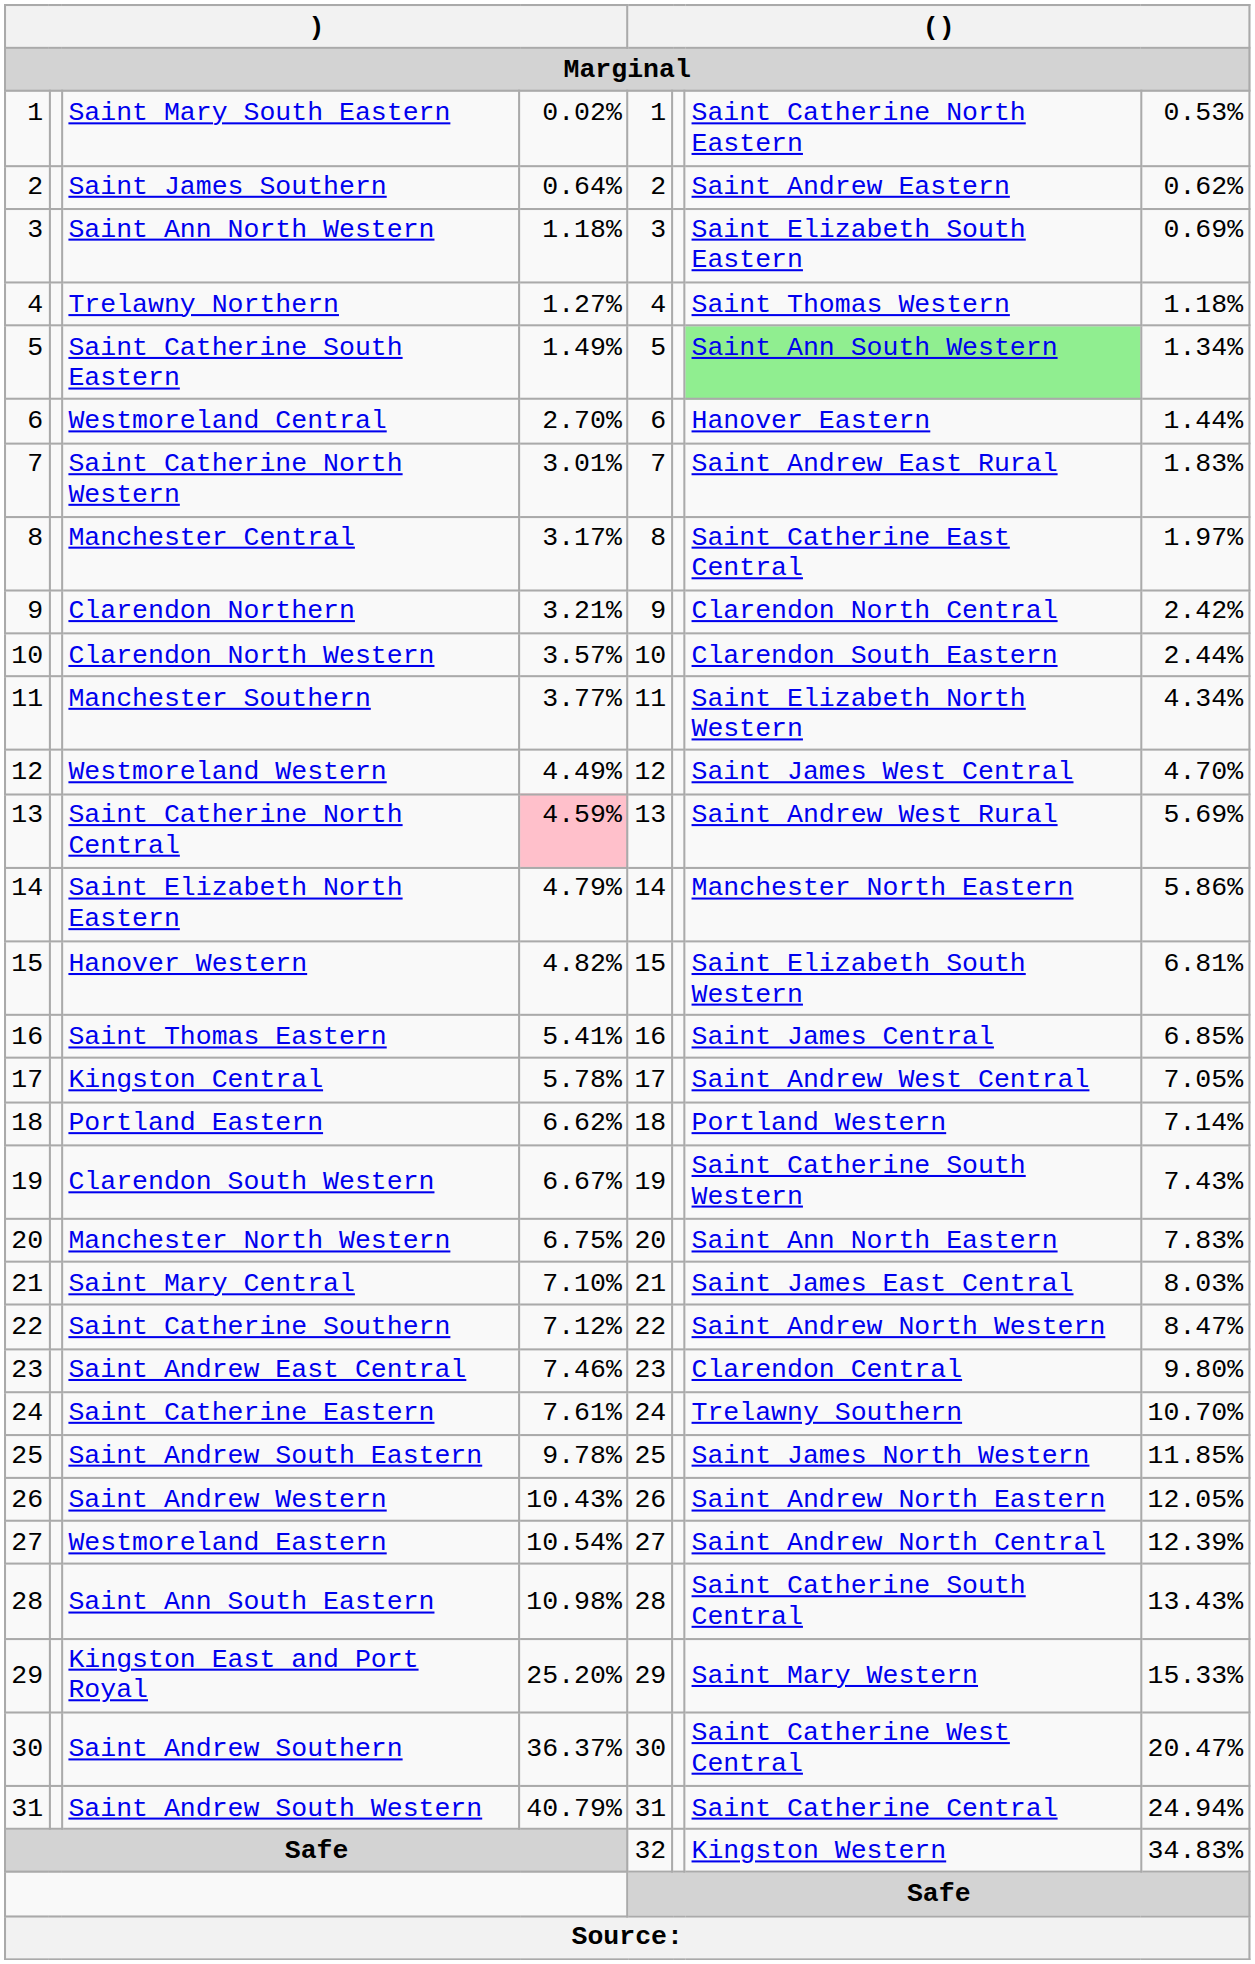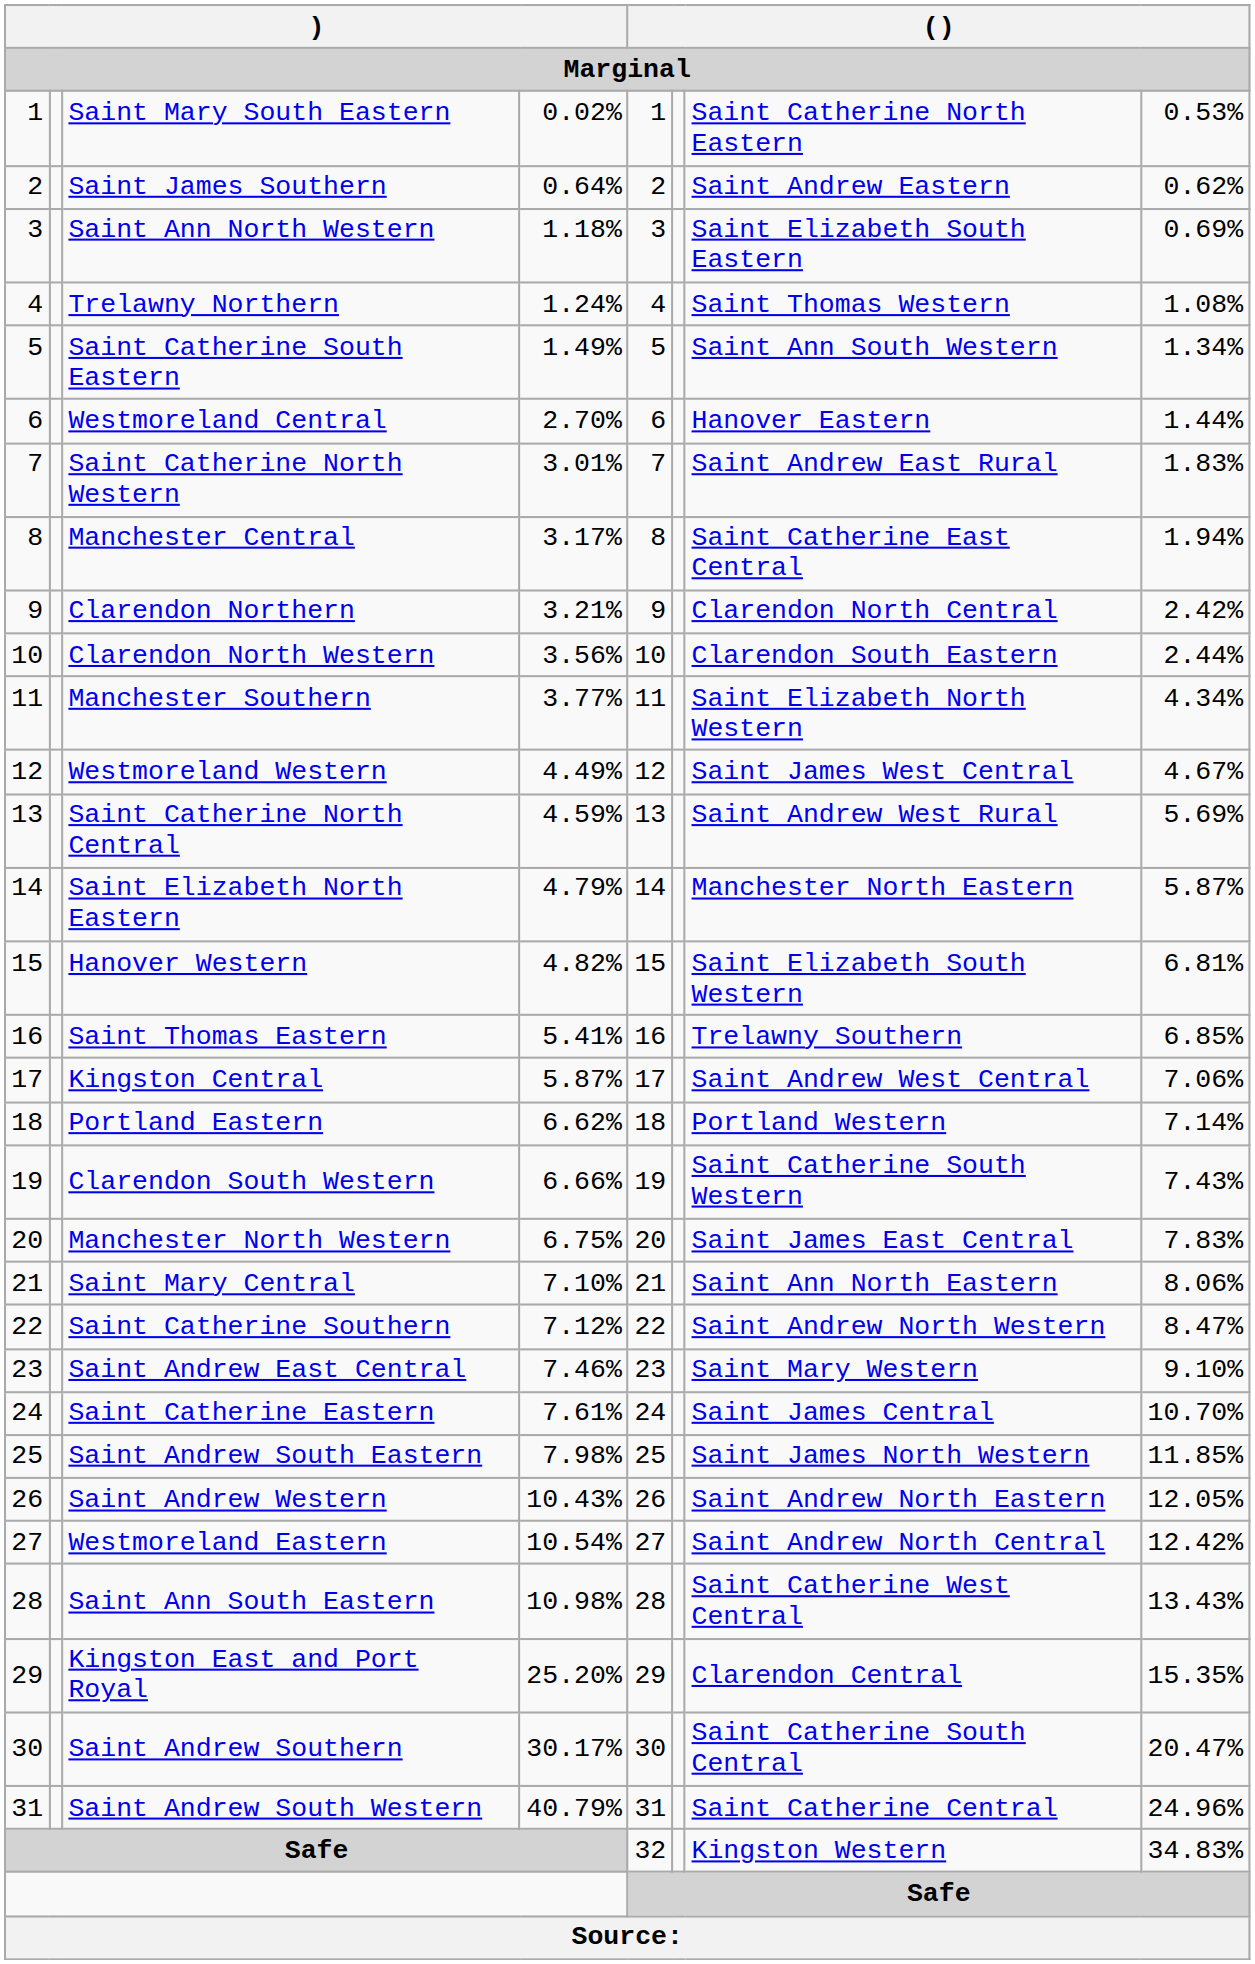 <table class="wikitable sortable mw-collapsible" style="text-align:right;">
 <tr>
 <th colspan="4" style="background:"><a href='#'> </a>)</th>
 <th colspan="4" style="background:"><a href='#'></a> (<a href='#'></a>)</th>
 </tr>
 <tr valign="top">
 <th colspan="8" style="background:lightgrey">Marginal</th>
 </tr>
 <tr valign="top">
 <td>1</td>
 <td style="background:"></td>
 <td style="text-align:left;"><a href='#'>Saint Mary South Eastern</a></td>
 <td>0.02%</td>
 <td>1</td>
 <td style="background:"></td>
 <td style="text-align:left;"><a href='#'>Saint Catherine North Eastern</a></td>
 <td>0.53%</td>
 </tr>
 <tr valign="top">
 <td>2</td>
 <td style="background:"></td>
 <td style="text-align:left;"><a href='#'>Saint James Southern</a></td>
 <td>0.64%</td>
 <td>2</td>
 <td style="background:"></td>
 <td style="text-align:left;"><a href='#'>Saint Andrew Eastern</a></td>
 <td>0.62%</td>
 </tr>
 <tr valign="top">
 <td>3</td>
 <td style="background:"></td>
 <td style="text-align:left;"><a href='#'>Saint Ann North Western</a></td>
 <td>1.18%</td>
 <td>3</td>
 <td style="background:"></td>
 <td style="text-align:left;"><a href='#'>Saint Elizabeth South Eastern</a></td>
 <td>0.69%</td>
 </tr>
 <tr valign="top">
 <td>4</td>
 <td style="background:"></td>
 <td style="text-align:left;"><a href='#'>Trelawny Northern</a></td>
-<td>1.27%</td>
+<td>1.24%</td>
 <td>4</td>
 <td style="background:"></td>
 <td style="text-align:left;"><a href='#'>Saint Thomas Western</a></td>
-<td>1.18%</td>
+<td>1.08%</td>
 </tr>
 <tr valign="top">
 <td>5</td>
 <td style="background:"></td>
 <td style="text-align:left;"><a href='#'>Saint Catherine South Eastern</a></td>
 <td>1.49%</td>
 <td>5</td>
 <td style="background:"></td>
-<td style="background: lightgreen; text-align:left;"><a href='#'>Saint Ann South Western</a></td>
+<td style="text-align:left;"><a href='#'>Saint Ann South Western</a></td>
 <td>1.34%</td>
 </tr>
 <tr valign="top">
 <td>6</td>
 <td style="background:"></td>
 <td style="text-align:left;"><a href='#'>Westmoreland Central</a></td>
 <td>2.70%</td>
 <td>6</td>
 <td style="background:"></td>
 <td style="text-align:left;"><a href='#'>Hanover Eastern</a></td>
 <td>1.44%</td>
 </tr>
 <tr valign="top">
 <td>7</td>
 <td style="background:"></td>
 <td style="text-align:left;"><a href='#'>Saint Catherine North Western</a></td>
 <td>3.01%</td>
 <td>7</td>
 <td style="background:"></td>
 <td style="text-align:left;"><a href='#'>Saint Andrew East Rural</a></td>
 <td>1.83%</td>
 </tr>
 <tr valign="top">
 <td>8</td>
 <td style="background:"></td>
 <td style="text-align:left;"><a href='#'>Manchester Central</a></td>
 <td>3.17%</td>
 <td>8</td>
 <td style="background:"></td>
 <td style="text-align:left;"><a href='#'>Saint Catherine East Central</a></td>
-<td>1.97%</td>
+<td>1.94%</td>
 </tr>
 <tr valign="top">
 <td>9</td>
 <td style="background:"></td>
 <td style="text-align:left;"><a href='#'>Clarendon Northern</a></td>
 <td>3.21%</td>
 <td>9</td>
 <td style="background:"></td>
 <td style="text-align:left;"><a href='#'>Clarendon North Central</a></td>
 <td>2.42%</td>
 </tr>
 <tr valign="top">
 <td>10</td>
 <td style="background:"></td>
 <td style="text-align:left;"><a href='#'>Clarendon North Western</a></td>
-<td>3.57%</td>
+<td>3.56%</td>
 <td>10</td>
 <td style="background:"></td>
 <td style="text-align:left;"><a href='#'>Clarendon South Eastern</a></td>
 <td>2.44%</td>
 </tr>
 <tr valign="top">
 <td>11</td>
 <td style="background:"></td>
 <td style="text-align:left;"><a href='#'>Manchester Southern</a></td>
 <td>3.77%</td>
 <td>11</td>
 <td style="background:"></td>
 <td style="text-align:left;"><a href='#'>Saint Elizabeth North Western</a></td>
 <td>4.34%</td>
 </tr>
 <tr valign="top">
 <td>12</td>
 <td style="background:"></td>
 <td style="text-align:left;"><a href='#'>Westmoreland Western</a></td>
 <td>4.49%</td>
 <td>12</td>
 <td style="background:"></td>
 <td style="text-align:left;"><a href='#'>Saint James West Central</a></td>
-<td>4.70%</td>
+<td>4.67%</td>
 </tr>
 <tr valign="top">
 <td>13</td>
 <td style="background:"></td>
 <td style="text-align:left;"><a href='#'>Saint Catherine North Central</a></td>
-<td style="background: pink;">4.59%</td>
+<td>4.59%</td>
 <td>13</td>
 <td style="background:"></td>
 <td style="text-align:left;"><a href='#'>Saint Andrew West Rural</a></td>
 <td>5.69%</td>
 </tr>
 <tr valign="top">
 <td>14</td>
 <td style="background:"></td>
 <td style="text-align:left;"><a href='#'>Saint Elizabeth North Eastern</a></td>
 <td>4.79%</td>
 <td>14</td>
 <td style="background:"></td>
 <td style="text-align:left;"><a href='#'>Manchester North Eastern</a></td>
-<td>5.86%</td>
+<td>5.87%</td>
 </tr>
 <tr valign="top">
 <td>15</td>
 <td style="background:"></td>
 <td style="text-align:left;"><a href='#'>Hanover Western</a></td>
 <td>4.82%</td>
 <td>15</td>
 <td style="background:"></td>
 <td style="text-align:left;"><a href='#'>Saint Elizabeth South Western</a></td>
 <td>6.81%</td>
 </tr>
 <tr valign="top">
 <td>16</td>
 <td style="background:"></td>
 <td style="text-align:left;"><a href='#'>Saint Thomas Eastern</a></td>
 <td>5.41%</td>
 <td>16</td>
 <td style="background:"></td>
-<td style="text-align:left;"><a href='#'>Saint James Central</a></td>
+<td style="text-align:left;"><a href='#'>Trelawny Southern</a></td>
 <td>6.85%</td>
 </tr>
 <tr valign="top">
 <td>17</td>
 <td style="background:"></td>
 <td style="text-align:left;"><a href='#'>Kingston Central</a></td>
-<td>5.78%</td>
+<td>5.87%</td>
 <td>17</td>
 <td style="background:"></td>
 <td style="text-align:left;"><a href='#'>Saint Andrew West Central</a></td>
-<td>7.05%</td>
+<td>7.06%</td>
 </tr>
 <tr valign="top">
 <td>18</td>
 <td style="background:"></td>
 <td style="text-align:left;"><a href='#'>Portland Eastern</a></td>
 <td>6.62%</td>
 <td>18</td>
 <td style="background:"></td>
 <td style="text-align:left;"><a href='#'>Portland Western</a></td>
 <td>7.14%</td>
 </tr>
 <tr>
 <td>19</td>
 <td style="background:"></td>
 <td style="text-align:left;"><a href='#'>Clarendon South Western</a></td>
-<td>6.67%</td>
+<td>6.66%</td>
 <td>19</td>
 <td style="background:"></td>
 <td style="text-align:left;"><a href='#'>Saint Catherine South Western</a></td>
 <td>7.43%</td>
 </tr>
 <tr>
 <td>20</td>
 <td style="background:"></td>
 <td style="text-align:left;"><a href='#'>Manchester North Western</a></td>
 <td>6.75%</td>
 <td>20</td>
 <td style="background:"></td>
-<td style="text-align:left;"><a href='#'>Saint Ann North Eastern</a></td>
+<td style="text-align:left;"><a href='#'>Saint James East Central</a></td>
 <td>7.83%</td>
 </tr>
 <tr>
 <td>21</td>
 <td style="background:"></td>
 <td style="text-align:left;"><a href='#'>Saint Mary Central</a></td>
 <td>7.10%</td>
 <td>21</td>
 <td style="background:"></td>
-<td style="text-align:left;"><a href='#'>Saint James East Central</a></td>
-<td>8.03%</td>
+<td style="text-align:left;"><a href='#'>Saint Ann North Eastern</a></td>
+<td>8.06%</td>
 </tr>
 <tr>
 <td>22</td>
 <td style="background:"></td>
 <td style="text-align:left;"><a href='#'>Saint Catherine Southern</a></td>
 <td>7.12%</td>
 <td>22</td>
 <td style="background:"></td>
 <td style="text-align:left;"><a href='#'>Saint Andrew North Western</a></td>
 <td>8.47%</td>
 </tr>
 <tr>
 <td>23</td>
 <td style="background:"></td>
 <td style="text-align:left;"><a href='#'>Saint Andrew East Central</a></td>
 <td>7.46%</td>
 <td>23</td>
 <td style="background:"></td>
-<td style="text-align:left;"><a href='#'>Clarendon Central</a></td>
-<td>9.80%</td>
+<td style="text-align:left;"><a href='#'>Saint Mary Western</a></td>
+<td>9.10%</td>
 </tr>
 <tr>
 <td>24</td>
 <td style="background:"></td>
 <td style="text-align:left;"><a href='#'>Saint Catherine Eastern</a></td>
 <td>7.61%</td>
 <td>24</td>
 <td style="background:"></td>
-<td style="text-align:left;"><a href='#'>Trelawny Southern</a></td>
+<td style="text-align:left;"><a href='#'>Saint James Central</a></td>
 <td>10.70%</td>
 </tr>
 <tr>
 <td>25</td>
 <td style="background:"></td>
 <td style="text-align:left;"><a href='#'>Saint Andrew South Eastern</a></td>
-<td>9.78%</td>
+<td>7.98%</td>
 <td>25</td>
 <td style="background:"></td>
 <td style="text-align:left;"><a href='#'>Saint James North Western</a></td>
 <td>11.85%</td>
 </tr>
 <tr>
 <td>26</td>
 <td style="background:"></td>
 <td style="text-align:left;"><a href='#'>Saint Andrew Western</a></td>
 <td>10.43%</td>
 <td>26</td>
 <td style="background:"></td>
 <td style="text-align:left;"><a href='#'>Saint Andrew North Eastern</a></td>
 <td>12.05%</td>
 </tr>
 <tr>
 <td>27</td>
 <td style="background:"></td>
 <td style="text-align:left;"><a href='#'>Westmoreland Eastern</a></td>
 <td>10.54%</td>
 <td>27</td>
 <td style="background:"></td>
 <td style="text-align:left;"><a href='#'>Saint Andrew North Central</a></td>
-<td>12.39%</td>
+<td>12.42%</td>
 </tr>
 <tr>
 <td>28</td>
 <td style="background:"></td>
 <td style="text-align:left;"><a href='#'>Saint Ann South Eastern</a></td>
 <td>10.98%</td>
 <td>28</td>
 <td style="background:"></td>
-<td style="text-align:left;"><a href='#'>Saint Catherine South Central</a></td>
+<td style="text-align:left;"><a href='#'>Saint Catherine West Central</a></td>
 <td>13.43%</td>
 </tr>
 <tr>
 <td>29</td>
 <td style="background:"></td>
 <td style="text-align:left;"><a href='#'>Kingston East and Port Royal</a></td>
 <td>25.20%</td>
 <td>29</td>
 <td style="background:"></td>
-<td style="text-align:left;"><a href='#'>Saint Mary Western</a></td>
-<td>15.33%</td>
+<td style="text-align:left;"><a href='#'>Clarendon Central</a></td>
+<td>15.35%</td>
 </tr>
 <tr>
 <td>30</td>
 <td style="background:"></td>
 <td style="text-align:left;"><a href='#'>Saint Andrew Southern</a></td>
-<td>36.37%</td>
+<td>30.17%</td>
 <td>30</td>
 <td style="background:"></td>
-<td style="text-align:left;"><a href='#'>Saint Catherine West Central</a></td>
+<td style="text-align:left;"><a href='#'>Saint Catherine South Central</a></td>
 <td>20.47%</td>
 </tr>
 <tr>
 <td>31</td>
 <td style="background:"></td>
 <td style="text-align:left;"><a href='#'>Saint Andrew South Western</a></td>
 <td>40.79%</td>
 <td>31</td>
 <td style="background:"></td>
 <td style="text-align:left;"><a href='#'>Saint Catherine Central</a></td>
-<td>24.94%</td>
+<td>24.96%</td>
 </tr>
 <tr valign="top">
 <th colspan="4" style="background:lightgrey">Safe</th>
 <td>32</td>
 <td style="background:"></td>
 <td style="text-align:left;"><a href='#'>Kingston Western</a></td>
 <td>34.83%</td>
 </tr>
 <tr>
 <td colspan="4"></td>
 <td colspan="4" style="background:lightgrey;text-align: center"><strong>Safe</strong></td>
 </tr>
 <tr valign="top">
 <th colspan="8">Source: </th>
 </tr>
 </table>
